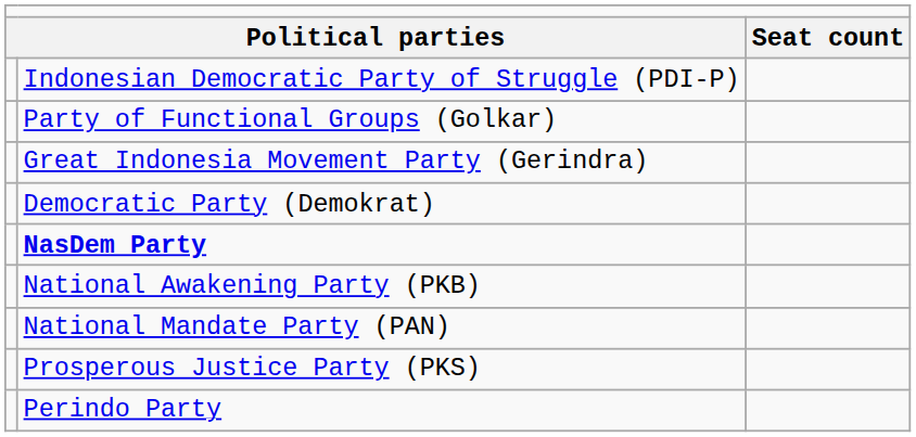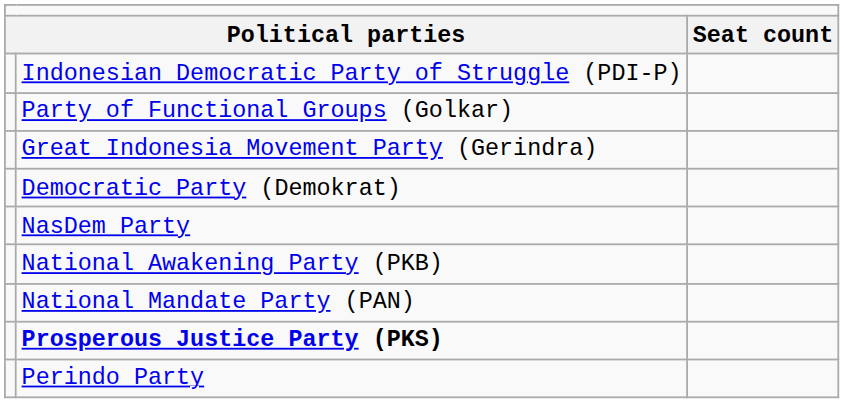 <table class="wikitable">
 <tr>
 <td colspan="4"></td>
 </tr>
 <tr>
 <th colspan="2">Political parties</th>
 <th>Seat count</th>
 </tr>
 <tr>
 <td bgcolor=></td>
 <td><a href='#'>Indonesian Democratic Party of Struggle</a> (PDI-P)</td>
 <td></td>
 </tr>
 <tr>
 <td bgcolor=></td>
 <td><a href='#'>Party of Functional Groups</a> (Golkar)</td>
 <td></td>
 </tr>
 <tr>
 <td bgcolor=></td>
 <td><a href='#'>Great Indonesia Movement Party</a> (Gerindra)</td>
 <td></td>
 </tr>
 <tr>
 <td bgcolor=></td>
 <td><a href='#'>Democratic Party</a> (Demokrat)</td>
 <td></td>
 </tr>
 <tr>
 <td bgcolor=></td>
-<td><strong><a href='#'>NasDem Party</a></strong></td>
+<td><a href='#'>NasDem Party</a></td>
 <td></td>
 </tr>
 <tr>
 <td bgcolor=></td>
 <td><a href='#'>National Awakening Party</a> (PKB)</td>
 <td></td>
 </tr>
 <tr>
 <td bgcolor=></td>
 <td><a href='#'>National Mandate Party</a> (PAN)</td>
 <td></td>
 </tr>
 <tr>
 <td bgcolor=></td>
-<td><a href='#'>Prosperous Justice Party</a> (PKS)</td>
+<td><strong><a href='#'>Prosperous Justice Party</a> (PKS)</strong></td>
 <td></td>
 </tr>
 <tr>
 <td bgcolor=></td>
 <td><a href='#'>Perindo Party</a></td>
 <td></td>
 </tr>
 </table>
